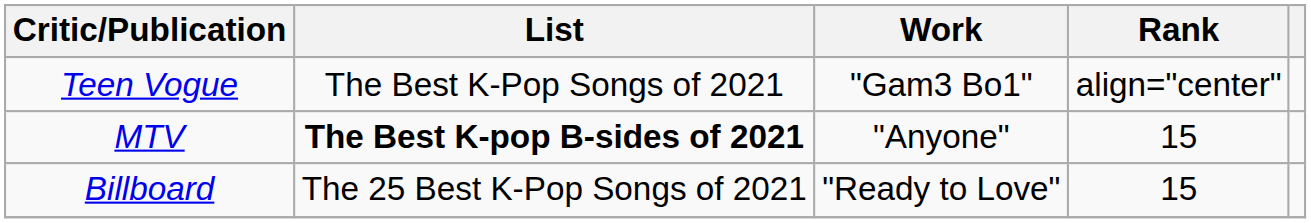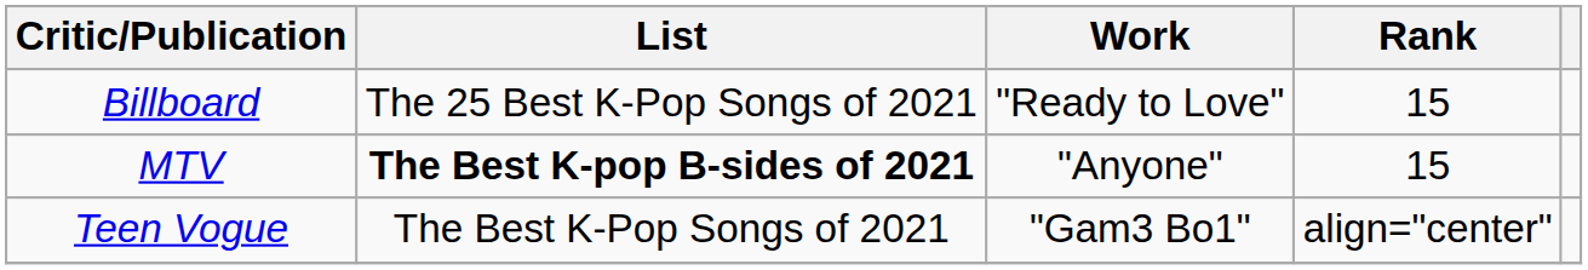 <table class="wikitable">
 <tr>
 <th>Critic/Publication</th>
 <th>List</th>
 <th>Work</th>
 <th>Rank</th>
 <th></th>
 </tr>
 <tr>
-<td align="center"><em><a href='#'>Teen Vogue</a></em></td>
-<td align="center">The Best K-Pop Songs of 2021</td>
-<td align="center">"Gam3 Bo1"</td>
-<td>align="center" </td>
+<td align="center"><em><a href='#'>Billboard</a></em></td>
+<td align="center">The 25 Best K-Pop Songs of 2021</td>
+<td align="center">"Ready to Love"</td>
+<td align="center">15</td>
 <td align="center"></td>
 </tr>
 <tr>
 <td align="center"><em><a href='#'>MTV</a></em></td>
 <td align="center"><strong>The Best K-pop B-sides of 2021</strong></td>
 <td align="center">"Anyone"</td>
 <td align="center">15</td>
 <td align="center"></td>
 </tr>
 <tr>
-<td align="center"><em><a href='#'>Billboard</a></em></td>
-<td align="center">The 25 Best K-Pop Songs of 2021</td>
-<td align="center">"Ready to Love"</td>
-<td align="center">15</td>
+<td align="center"><em><a href='#'>Teen Vogue</a></em></td>
+<td align="center">The Best K-Pop Songs of 2021</td>
+<td align="center">"Gam3 Bo1"</td>
+<td>align="center" </td>
 <td align="center"></td>
 </tr>
 <tr>
 </tr>
 </table>
